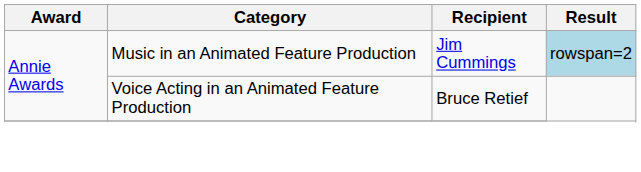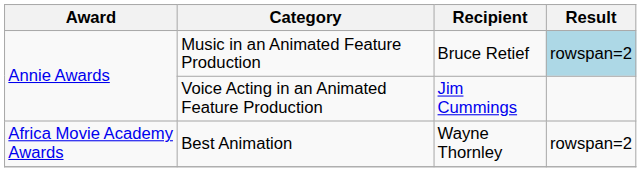 <table class="wikitable">
 <tr>
 <th>Award</th>
 <th>Category</th>
 <th>Recipient</th>
 <th>Result</th>
 </tr>
 <tr>
 <td rowspan=2><a href='#'>Annie Awards</a></td>
 <td>Music in an Animated Feature Production</td>
-<td><a href='#'>Jim Cummings</a></td>
+<td>Bruce Retief</td>
 <td style="background: lightblue;">rowspan=2 </td>
 </tr>
 <tr>
 <td>Voice Acting in an Animated Feature Production</td>
-<td>Bruce Retief</td>
+<td><a href='#'>Jim Cummings</a></td>
+</tr>
+<tr>
+<td rowspan=1><a href='#'>Africa Movie Academy Awards</a></td>
+<td>Best Animation</td>
+<td>Wayne Thornley</td>
+<td>rowspan=2 </td>
 </tr>
 <tr>
 </tr>
 </table>
